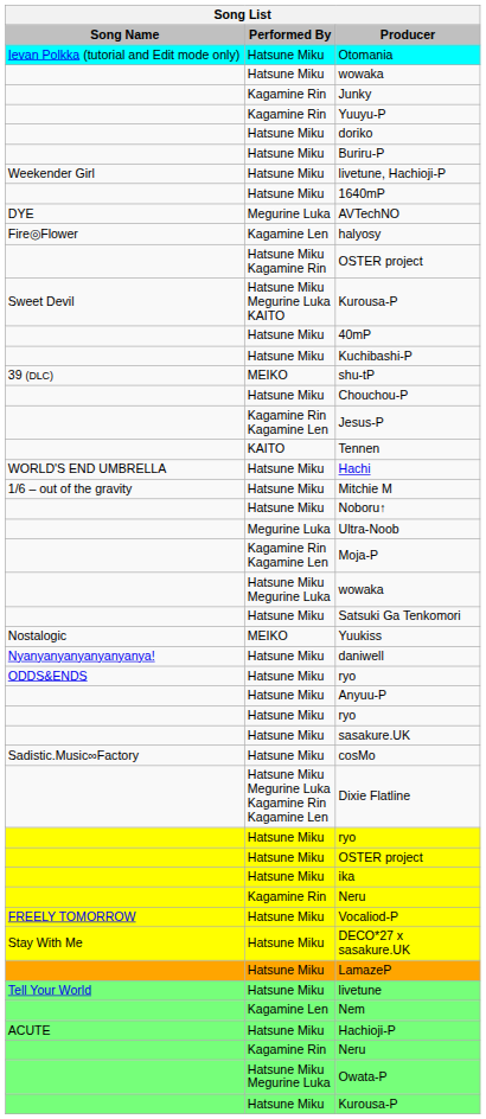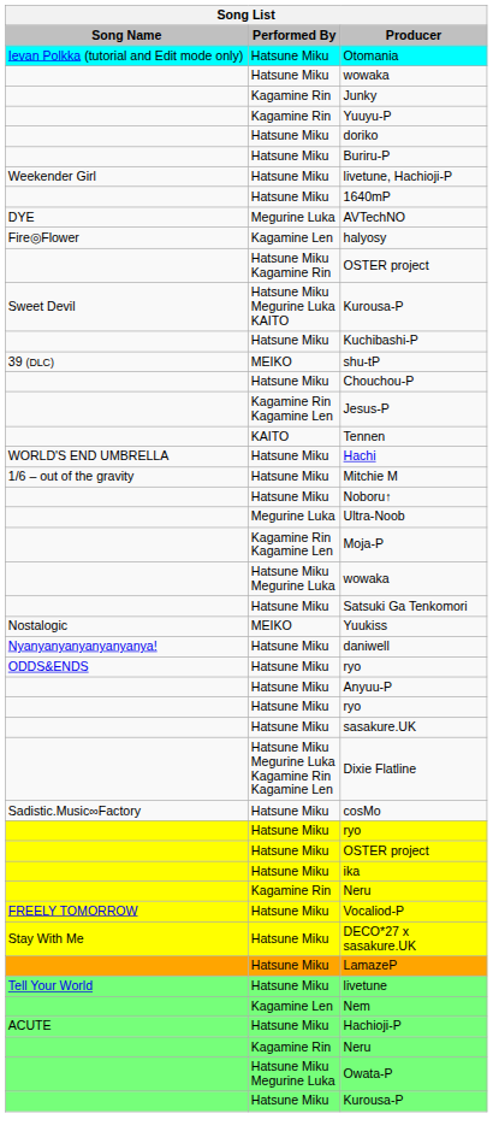 <table class="wikitable">
 <tr>
 <th colspan="3" style="width: 40em">Song List</th>
 </tr>
 <tr>
 <th style="background:silver;">Song Name</th>
 <th style="background:silver;">Performed By</th>
 <th style="background:silver;">Producer</th>
 </tr>
 <tr>
 <td style="background:#0ff;"><a href='#'>Ievan Polkka</a> (tutorial and Edit mode only)</td>
 <td style="background:#0ff">Hatsune Miku</td>
 <td style="background:#0ff">Otomania</td>
 </tr>
 <tr>
 <td></td>
 <td>Hatsune Miku</td>
 <td>wowaka</td>
 </tr>
 <tr>
 <td></td>
 <td>Kagamine Rin</td>
 <td>Junky</td>
 </tr>
 <tr>
 <td></td>
 <td>Kagamine Rin</td>
 <td>Yuuyu-P</td>
 </tr>
 <tr>
 <td></td>
 <td>Hatsune Miku</td>
 <td>doriko</td>
 </tr>
 <tr>
 <td></td>
 <td>Hatsune Miku</td>
 <td>Buriru-P</td>
 </tr>
 <tr>
 <td>Weekender Girl</td>
 <td>Hatsune Miku</td>
 <td>livetune, Hachioji-P</td>
 </tr>
 <tr>
 <td></td>
 <td>Hatsune Miku</td>
 <td>1640mP</td>
 </tr>
 <tr>
 <td>DYE</td>
 <td>Megurine Luka</td>
 <td>AVTechNO</td>
 </tr>
 <tr>
 <td>Fire◎Flower</td>
 <td>Kagamine Len</td>
 <td>halyosy</td>
 </tr>
 <tr>
 <td></td>
 <td>Hatsune Miku<br>Kagamine Rin</td>
 <td>OSTER project</td>
 </tr>
 <tr>
 <td>Sweet Devil</td>
 <td>Hatsune Miku<br>Megurine Luka<br>KAITO</td>
 <td>Kurousa-P</td>
-</tr>
-<tr>
-<td></td>
-<td>Hatsune Miku</td>
-<td>40mP</td>
 </tr>
 <tr>
 <td></td>
 <td>Hatsune Miku</td>
 <td>Kuchibashi-P</td>
 </tr>
 <tr>
 <td>39 <small>(DLC)</small></td>
 <td>MEIKO</td>
 <td>shu-tP</td>
 </tr>
 <tr>
 <td></td>
 <td>Hatsune Miku</td>
 <td>Chouchou-P</td>
 </tr>
 <tr>
 <td></td>
 <td>Kagamine Rin<br>Kagamine Len</td>
 <td>Jesus-P</td>
 </tr>
 <tr>
 <td></td>
 <td>KAITO</td>
 <td>Tennen</td>
 </tr>
 <tr>
 <td>WORLD'S END UMBRELLA</td>
 <td>Hatsune Miku</td>
 <td><a href='#'>Hachi</a></td>
 </tr>
 <tr>
 <td>1/6 – out of the gravity</td>
 <td>Hatsune Miku</td>
 <td>Mitchie M</td>
 </tr>
 <tr>
 <td></td>
 <td>Hatsune Miku</td>
 <td>Noboru↑</td>
 </tr>
 <tr>
 <td></td>
 <td>Megurine Luka</td>
 <td>Ultra-Noob</td>
 </tr>
 <tr>
 <td></td>
 <td>Kagamine Rin<br>Kagamine Len</td>
 <td>Moja-P</td>
 </tr>
 <tr>
 <td></td>
 <td>Hatsune Miku<br>Megurine Luka</td>
 <td>wowaka</td>
 </tr>
 <tr>
 <td></td>
 <td>Hatsune Miku</td>
 <td>Satsuki Ga Tenkomori</td>
 </tr>
 <tr>
 <td>Nostalogic</td>
 <td>MEIKO</td>
 <td>Yuukiss</td>
 </tr>
 <tr>
 <td><a href='#'>Nyanyanyanyanyanyanya!</a></td>
 <td>Hatsune Miku</td>
 <td>daniwell</td>
 </tr>
 <tr>
 <td><a href='#'>ODDS&ENDS</a></td>
 <td>Hatsune Miku</td>
 <td>ryo</td>
 </tr>
 <tr>
 <td></td>
 <td>Hatsune Miku</td>
 <td>Anyuu-P</td>
 </tr>
 <tr>
 <td></td>
 <td>Hatsune Miku</td>
 <td>ryo</td>
 </tr>
 <tr>
 <td></td>
 <td>Hatsune Miku</td>
 <td>sasakure.UK</td>
 </tr>
 <tr>
+<td></td>
+<td>Hatsune Miku<br>Megurine Luka<br>Kagamine Rin<br>Kagamine Len</td>
+<td>Dixie Flatline</td>
+</tr>
+<tr>
 <td>Sadistic.Music∞Factory</td>
 <td>Hatsune Miku</td>
 <td>cosMo</td>
-</tr>
-<tr>
-<td></td>
-<td>Hatsune Miku<br>Megurine Luka<br>Kagamine Rin<br>Kagamine Len</td>
-<td>Dixie Flatline</td>
 </tr>
 <tr bgcolor="yellow">
 <td></td>
 <td>Hatsune Miku</td>
 <td>ryo</td>
 </tr>
 <tr bgcolor="yellow">
 <td></td>
 <td>Hatsune Miku</td>
 <td>OSTER project</td>
 </tr>
 <tr bgcolor="yellow">
 <td></td>
 <td>Hatsune Miku</td>
 <td>ika</td>
 </tr>
 <tr bgcolor="yellow">
 <td></td>
 <td>Kagamine Rin</td>
 <td>Neru</td>
 </tr>
 <tr bgcolor="yellow">
 <td><a href='#'>FREELY TOMORROW</a></td>
 <td>Hatsune Miku</td>
 <td>Vocaliod-P</td>
 </tr>
 <tr bgcolor="yellow">
 <td>Stay With Me</td>
 <td>Hatsune Miku</td>
 <td>DECO*27 x sasakure.UK</td>
 </tr>
 <tr bgcolor="orange">
 <td></td>
 <td>Hatsune Miku</td>
 <td>LamazeP</td>
 </tr>
 <tr bgcolor="76FF7A">
 <td><a href='#'>Tell Your World</a></td>
 <td>Hatsune Miku</td>
 <td>livetune</td>
 </tr>
 <tr bgcolor="76FF7A">
 <td></td>
 <td>Kagamine Len</td>
 <td>Nem</td>
 </tr>
 <tr bgcolor="76FF7A">
 <td>ACUTE</td>
 <td>Hatsune Miku</td>
 <td>Hachioji-P</td>
 </tr>
 <tr bgcolor="76FF7A">
 <td></td>
 <td>Kagamine Rin</td>
 <td>Neru</td>
 </tr>
 <tr bgcolor="76FF7A">
 <td></td>
 <td>Hatsune Miku<br>Megurine Luka</td>
 <td>Owata-P</td>
 </tr>
 <tr bgcolor="76FF7A">
 <td></td>
 <td>Hatsune Miku</td>
 <td>Kurousa-P</td>
 </tr>
 </table>
